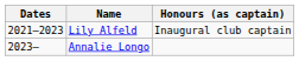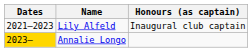 <table class="wikitable">
 <tr>
 <th>Dates</th>
 <th>Name</th>
 <th>Honours (as captain)</th>
 </tr>
 <tr>
 <td>2021–2023</td>
 <td> <a href='#'>Lily Alfeld</a></td>
 <td>Inaugural club captain</td>
 </tr>
 <tr>
-<td>2023–</td>
+<td style="background: gold;">2023–</td>
 <td> <a href='#'>Annalie Longo</a></td>
 </tr>
 </table>
